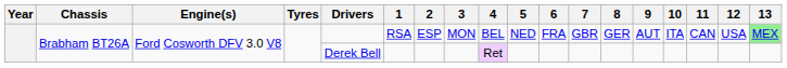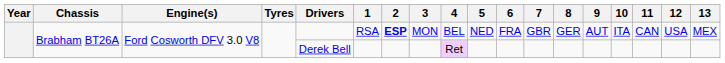 <table class="wikitable" style="text-align:center; font-size:95%">
 <tr>
 <th>Year</th>
 <th>Chassis</th>
 <th>Engine(s)</th>
 <th>Tyres</th>
 <th>Drivers</th>
 <th>1</th>
 <th>2</th>
 <th>3</th>
 <th>4</th>
 <th>5</th>
 <th>6</th>
 <th>7</th>
 <th>8</th>
 <th>9</th>
 <th>10</th>
 <th>11</th>
 <th>12</th>
 <th>13</th>
 </tr>
 <tr>
 <th rowspan=2></th>
 <td rowspan=2><a href='#'>Brabham</a> <a href='#'>BT26A</a></td>
 <td rowspan=2><a href='#'>Ford</a> <a href='#'>Cosworth DFV</a> 3.0 <a href='#'>V8</a></td>
 <td rowspan=2></td>
 <td></td>
 <td><a href='#'>RSA</a></td>
-<td><a href='#'>ESP</a></td>
+<td><strong><a href='#'>ESP</a></strong></td>
 <td><a href='#'>MON</a></td>
 <td><a href='#'>BEL</a></td>
 <td><a href='#'>NED</a></td>
 <td><a href='#'>FRA</a></td>
 <td><a href='#'>GBR</a></td>
 <td><a href='#'>GER</a></td>
 <td><a href='#'>AUT</a></td>
 <td><a href='#'>ITA</a></td>
 <td><a href='#'>CAN</a></td>
 <td><a href='#'>USA</a></td>
-<td style="background: lightgreen;"><a href='#'>MEX</a></td>
+<td><a href='#'>MEX</a></td>
 </tr>
 <tr>
 <td align="left"> <a href='#'>Derek Bell</a></td>
 <td></td>
 <td></td>
 <td></td>
 <td style="background:#efcfff;">Ret</td>
 <td></td>
 <td></td>
 <td></td>
 <td></td>
 <td></td>
 <td></td>
 <td></td>
 <td></td>
 <td></td>
 </tr>
 </table>
